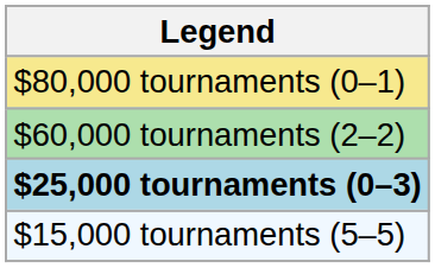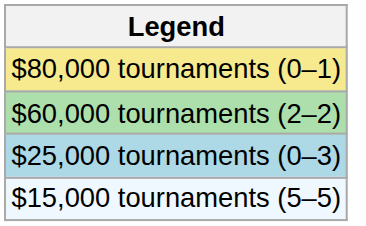 <table class="wikitable" style="font-size:85%">
 <tr>
 <th>Legend</th>
 </tr>
 <tr style="background:#f7e98e;">
 <td>$80,000 tournaments (0–1)</td>
 </tr>
 <tr style="background:#addfad;">
 <td>$60,000 tournaments (2–2)</td>
 </tr>
 <tr style="background:lightblue;">
-<td><strong>$25,000 tournaments (0–3)</strong></td>
+<td>$25,000 tournaments (0–3)</td>
 </tr>
 <tr style="background:#f0f8ff;">
 <td>$15,000 tournaments (5–5)</td>
 </tr>
 </table>
